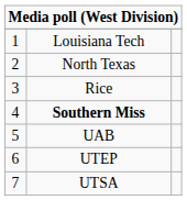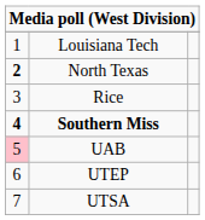 <table class="wikitable" style="display: inline-table;">
 <tr>
 <td align="center" Colspan="3"><strong>Media poll (West Division)</strong></td>
 </tr>
 <tr align="center">
 </tr>
 <tr align="center">
 <td>1</td>
 <td>Louisiana Tech</td>
 <td></td>
 </tr>
 <tr align="center">
-<td>2</td>
+<td><strong>2</strong></td>
 <td>North Texas</td>
 <td></td>
 </tr>
 <tr align="center">
 <td>3</td>
 <td>Rice</td>
 <td></td>
 </tr>
 <tr align="center">
-<td>4</td>
+<td><strong>4</strong></td>
 <td><strong>Southern Miss</strong></td>
 <td></td>
 </tr>
 <tr align="center">
-<td>5</td>
+<td style="background: pink;">5</td>
 <td>UAB</td>
 <td></td>
 </tr>
 <tr align="center">
 <td>6</td>
 <td>UTEP</td>
 <td></td>
 </tr>
 <tr align="center">
 <td>7</td>
 <td>UTSA</td>
 <td></td>
 </tr>
 </table>
